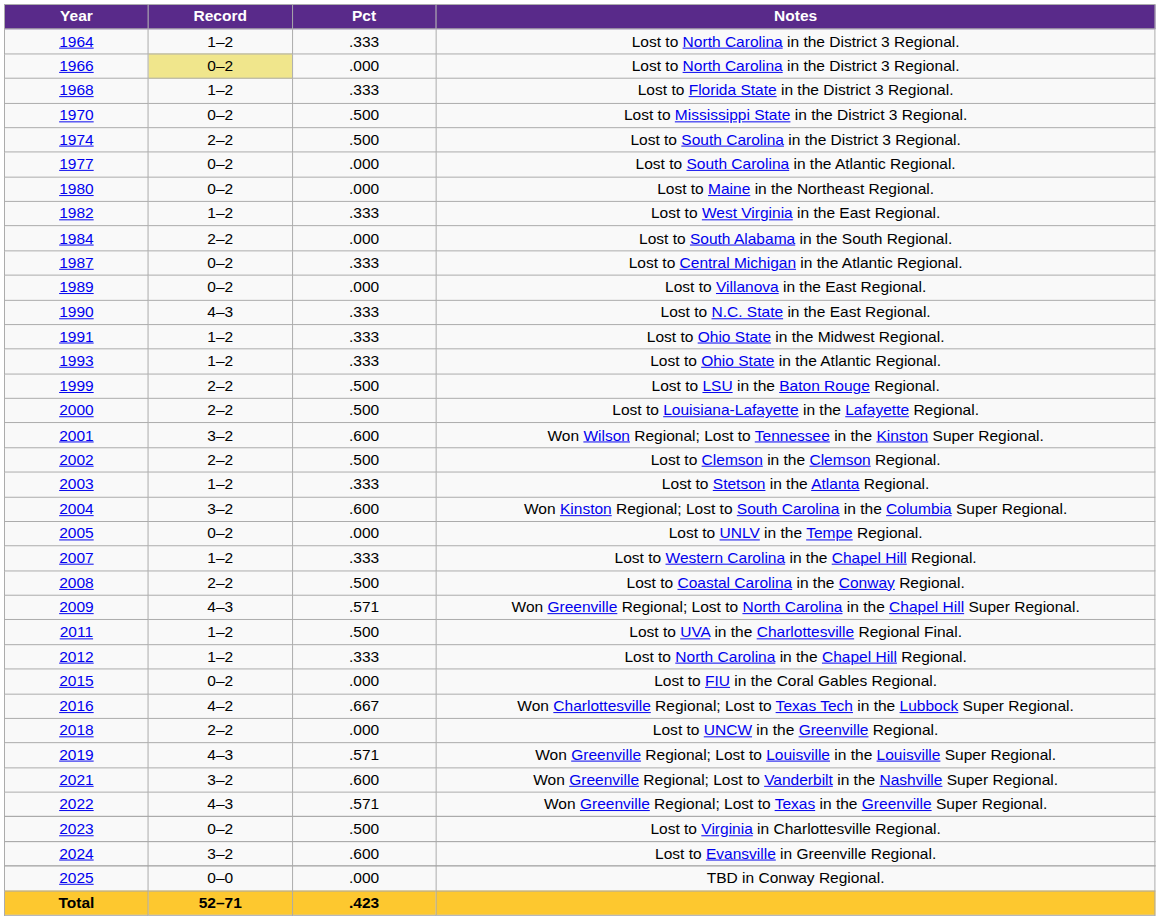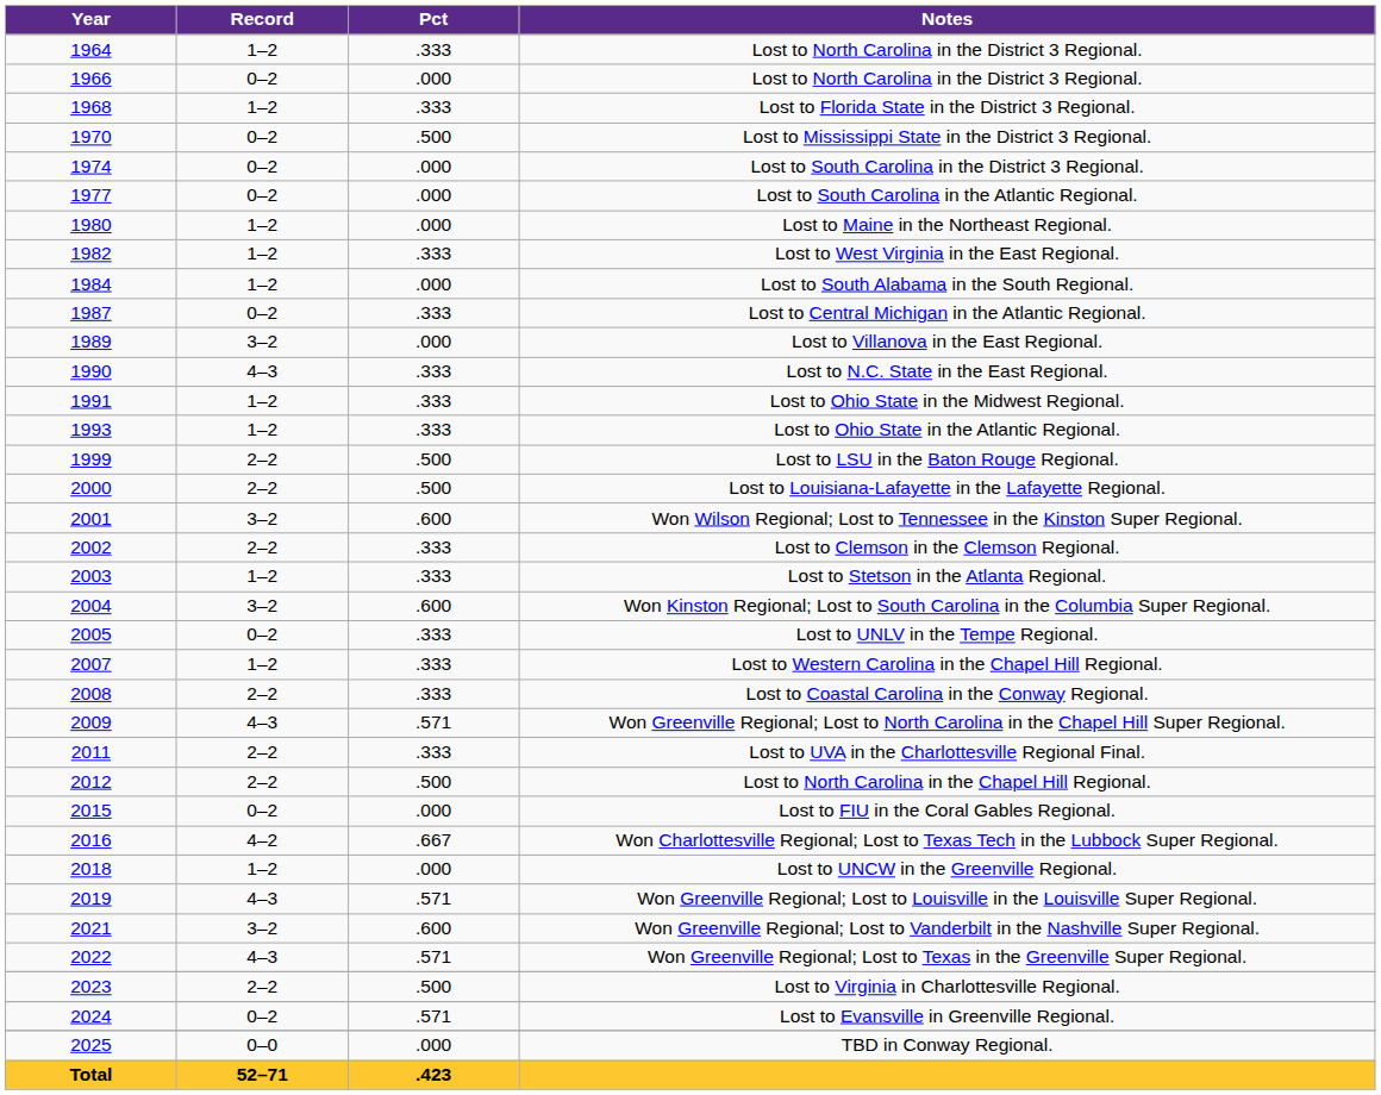 <table class="wikitable sortable" style="text-align:center">
 <tr>
 <th style="background: #592A8A; color:white; width:10%">Year</th>
 <th style="background: #592A8A; color:white; width:10%">Record</th>
 <th style="background: #592A8A; color:white; width:10%">Pct</th>
 <th style="background: #592A8A; color:white; width:50%">Notes</th>
 </tr>
 <tr>
 <td><a href='#'>1964</a></td>
 <td>1–2</td>
 <td>.333</td>
 <td>Lost to <a href='#'>North Carolina</a> in the District 3 Regional.</td>
 </tr>
 <tr>
 <td><a href='#'>1966</a></td>
-<td style="background: khaki;">0–2</td>
+<td>0–2</td>
 <td>.000</td>
 <td>Lost to <a href='#'>North Carolina</a> in the District 3 Regional.</td>
 </tr>
 <tr>
 <td><a href='#'>1968</a></td>
 <td>1–2</td>
 <td>.333</td>
 <td>Lost to <a href='#'>Florida State</a> in the District 3 Regional.</td>
 </tr>
 <tr>
 <td><a href='#'>1970</a></td>
 <td>0–2</td>
 <td>.500</td>
 <td>Lost to <a href='#'>Mississippi State</a> in the District 3 Regional.</td>
 </tr>
 <tr>
 <td><a href='#'>1974</a></td>
-<td>2–2</td>
-<td>.500</td>
+<td>0–2</td>
+<td>.000</td>
 <td>Lost to <a href='#'>South Carolina</a> in the District 3 Regional.</td>
 </tr>
 <tr>
 <td><a href='#'>1977</a></td>
 <td>0–2</td>
 <td>.000</td>
 <td>Lost to <a href='#'>South Carolina</a> in the Atlantic Regional.</td>
 </tr>
 <tr>
 <td><a href='#'>1980</a></td>
-<td>0–2</td>
+<td>1–2</td>
 <td>.000</td>
 <td>Lost to <a href='#'>Maine</a> in the Northeast Regional.</td>
 </tr>
 <tr>
 <td><a href='#'>1982</a></td>
 <td>1–2</td>
 <td>.333</td>
 <td>Lost to <a href='#'>West Virginia</a> in the East Regional.</td>
 </tr>
 <tr>
 <td><a href='#'>1984</a></td>
-<td>2–2</td>
+<td>1–2</td>
 <td>.000</td>
 <td>Lost to <a href='#'>South Alabama</a> in the South Regional.</td>
 </tr>
 <tr>
 <td><a href='#'>1987</a></td>
 <td>0–2</td>
 <td>.333</td>
 <td>Lost to <a href='#'>Central Michigan</a> in the Atlantic Regional.</td>
 </tr>
 <tr>
 <td><a href='#'>1989</a></td>
-<td>0–2</td>
+<td>3–2</td>
 <td>.000</td>
 <td>Lost to <a href='#'>Villanova</a> in the East Regional.</td>
 </tr>
 <tr>
 <td><a href='#'>1990</a></td>
 <td>4–3</td>
 <td>.333</td>
 <td>Lost to <a href='#'>N.C. State</a> in the East Regional.</td>
 </tr>
 <tr>
 <td><a href='#'>1991</a></td>
 <td>1–2</td>
 <td>.333</td>
 <td>Lost to <a href='#'>Ohio State</a> in the Midwest Regional.</td>
 </tr>
 <tr>
 <td><a href='#'>1993</a></td>
 <td>1–2</td>
 <td>.333</td>
 <td>Lost to <a href='#'>Ohio State</a> in the Atlantic Regional.</td>
 </tr>
 <tr>
 <td><a href='#'>1999</a></td>
 <td>2–2</td>
 <td>.500</td>
 <td>Lost to <a href='#'>LSU</a> in the <a href='#'>Baton Rouge</a> Regional.</td>
 </tr>
 <tr>
 <td><a href='#'>2000</a></td>
 <td>2–2</td>
 <td>.500</td>
 <td>Lost to <a href='#'>Louisiana-Lafayette</a> in the <a href='#'>Lafayette</a> Regional.</td>
 </tr>
 <tr>
 <td><a href='#'>2001</a></td>
 <td>3–2</td>
 <td>.600</td>
 <td>Won <a href='#'>Wilson</a> Regional; Lost to <a href='#'>Tennessee</a> in the <a href='#'>Kinston</a> Super Regional.</td>
 </tr>
 <tr>
 <td><a href='#'>2002</a></td>
 <td>2–2</td>
-<td>.500</td>
+<td>.333</td>
 <td>Lost to <a href='#'>Clemson</a> in the <a href='#'>Clemson</a> Regional.</td>
 </tr>
 <tr>
 <td><a href='#'>2003</a></td>
 <td>1–2</td>
 <td>.333</td>
 <td>Lost to <a href='#'>Stetson</a> in the <a href='#'>Atlanta</a> Regional.</td>
 </tr>
 <tr>
 <td><a href='#'>2004</a></td>
 <td>3–2</td>
 <td>.600</td>
 <td>Won <a href='#'>Kinston</a> Regional; Lost to <a href='#'>South Carolina</a> in the <a href='#'>Columbia</a> Super Regional.</td>
 </tr>
 <tr>
 <td><a href='#'>2005</a></td>
 <td>0–2</td>
-<td>.000</td>
+<td>.333</td>
 <td>Lost to <a href='#'>UNLV</a> in the <a href='#'>Tempe</a> Regional.</td>
 </tr>
 <tr>
 <td><a href='#'>2007</a></td>
 <td>1–2</td>
 <td>.333</td>
 <td>Lost to <a href='#'>Western Carolina</a> in the <a href='#'>Chapel Hill</a> Regional.</td>
 </tr>
 <tr>
 <td><a href='#'>2008</a></td>
 <td>2–2</td>
-<td>.500</td>
+<td>.333</td>
 <td>Lost to <a href='#'>Coastal Carolina</a> in the <a href='#'>Conway</a> Regional.</td>
 </tr>
 <tr>
 <td><a href='#'>2009</a></td>
 <td>4–3</td>
 <td>.571</td>
 <td>Won <a href='#'>Greenville</a> Regional; Lost to <a href='#'>North Carolina</a> in the <a href='#'>Chapel Hill</a> Super Regional.</td>
 </tr>
 <tr>
 <td><a href='#'>2011</a></td>
-<td>1–2</td>
-<td>.500</td>
+<td>2–2</td>
+<td>.333</td>
 <td>Lost to <a href='#'>UVA</a> in the <a href='#'>Charlottesville</a> Regional Final.</td>
 </tr>
 <tr>
 <td><a href='#'>2012</a></td>
-<td>1–2</td>
-<td>.333</td>
+<td>2–2</td>
+<td>.500</td>
 <td>Lost to <a href='#'>North Carolina</a> in the <a href='#'>Chapel Hill</a> Regional.</td>
 </tr>
 <tr>
 <td><a href='#'>2015</a></td>
 <td>0–2</td>
 <td>.000</td>
 <td>Lost to <a href='#'>FIU</a> in the Coral Gables Regional.</td>
 </tr>
 <tr>
 <td><a href='#'>2016</a></td>
 <td>4–2</td>
 <td>.667</td>
 <td>Won <a href='#'>Charlottesville</a> Regional; Lost to <a href='#'>Texas Tech</a> in the <a href='#'>Lubbock</a> Super Regional.</td>
 </tr>
 <tr>
 <td><a href='#'>2018</a></td>
-<td>2–2</td>
+<td>1–2</td>
 <td>.000</td>
 <td>Lost to <a href='#'>UNCW</a> in the <a href='#'>Greenville</a> Regional.</td>
 </tr>
 <tr>
 <td><a href='#'>2019</a></td>
 <td>4–3</td>
 <td>.571</td>
 <td>Won <a href='#'>Greenville</a> Regional; Lost to <a href='#'>Louisville</a> in the <a href='#'>Louisville</a> Super Regional.</td>
 </tr>
 <tr>
 <td><a href='#'>2021</a></td>
 <td>3–2</td>
 <td>.600</td>
 <td>Won <a href='#'>Greenville</a> Regional; Lost to <a href='#'>Vanderbilt</a> in the <a href='#'>Nashville</a> Super Regional.</td>
 </tr>
 <tr>
 <td><a href='#'>2022</a></td>
 <td>4–3</td>
 <td>.571</td>
 <td>Won <a href='#'>Greenville</a> Regional; Lost to <a href='#'>Texas</a> in the <a href='#'>Greenville</a> Super Regional.</td>
 </tr>
 <tr class="sortbottom" style="background: #FDC82F; color:black; font-weight:bold;">
 </tr>
 <tr>
 <td><a href='#'>2023</a></td>
-<td>0–2</td>
+<td>2–2</td>
 <td>.500</td>
 <td>Lost to <a href='#'>Virginia</a> in Charlottesville Regional.</td>
 </tr>
 <tr class="sortbottom" style="background: #FDC82F; color:black; font-weight:bold;">
 </tr>
 <tr>
 <td><a href='#'>2024</a></td>
-<td>3–2</td>
-<td>.600</td>
+<td>0–2</td>
+<td>.571</td>
 <td>Lost to <a href='#'>Evansville</a> in Greenville Regional.</td>
 </tr>
 <tr class="sortbottom" style="background: #FDC82F; color:black; font-weight:bold;">
 </tr>
 <tr>
 <td><a href='#'>2025</a></td>
 <td>0–0</td>
 <td>.000</td>
 <td>TBD in Conway Regional.</td>
 </tr>
 <tr class="sortbottom" style="background: #FDC82F; color:black; font-weight:bold;">
 <td>Total</td>
 <td>52–71</td>
 <td>.423</td>
 <td></td>
 </tr>
 </table>
